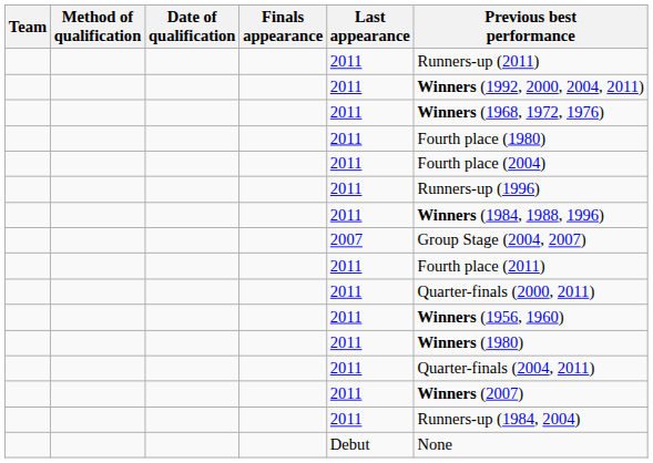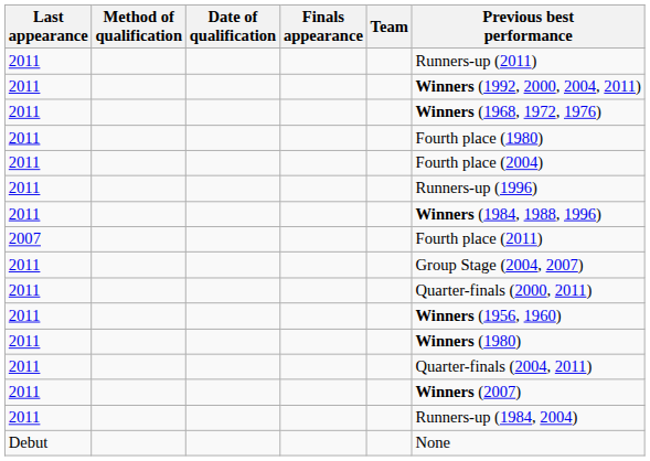 <table class="wikitable sortable" style="text-align: left;">
 <tr>
-<th>Team</th>
+<th>Last<br>appearance</th>
 <th>Method of<br>qualification</th>
 <th>Date of<br>qualification</th>
 <th>Finals<br>appearance</th>
-<th>Last<br>appearance</th>
+<th>Team</th>
 <th>Previous best<br>performance</th>
 </tr>
 <tr>
+<td><a href='#'>2011</a></td>
 <td></td>
 <td></td>
 <td></td>
 <td></td>
-<td><a href='#'>2011</a></td>
 <td>Runners-up (<a href='#'>2011</a>)</td>
 </tr>
 <tr>
+<td><a href='#'>2011</a></td>
 <td></td>
 <td></td>
 <td></td>
 <td></td>
-<td><a href='#'>2011</a></td>
 <td><strong>Winners</strong> (<a href='#'>1992</a>, <a href='#'>2000</a>, <a href='#'>2004</a>, <a href='#'>2011</a>)</td>
 </tr>
 <tr>
+<td><a href='#'>2011</a></td>
 <td></td>
 <td></td>
 <td></td>
 <td></td>
-<td><a href='#'>2011</a></td>
 <td><strong>Winners</strong> (<a href='#'>1968</a>, <a href='#'>1972</a>, <a href='#'>1976</a>)</td>
 </tr>
 <tr>
+<td><a href='#'>2011</a></td>
 <td></td>
 <td></td>
 <td></td>
 <td></td>
-<td><a href='#'>2011</a></td>
 <td>Fourth place (<a href='#'>1980</a>)</td>
 </tr>
 <tr>
+<td><a href='#'>2011</a></td>
 <td></td>
 <td></td>
 <td></td>
 <td></td>
-<td><a href='#'>2011</a></td>
 <td>Fourth place (<a href='#'>2004</a>)</td>
 </tr>
 <tr>
+<td><a href='#'>2011</a></td>
 <td></td>
 <td></td>
 <td></td>
 <td></td>
-<td><a href='#'>2011</a></td>
 <td>Runners-up (<a href='#'>1996</a>)</td>
 </tr>
 <tr>
+<td><a href='#'>2011</a></td>
 <td></td>
 <td></td>
 <td></td>
 <td></td>
-<td><a href='#'>2011</a></td>
 <td><strong>Winners</strong> (<a href='#'>1984</a>, <a href='#'>1988</a>, <a href='#'>1996</a>)</td>
 </tr>
 <tr>
+<td><a href='#'>2007</a></td>
 <td></td>
 <td></td>
 <td></td>
 <td></td>
-<td><a href='#'>2007</a></td>
-<td>Group Stage (<a href='#'>2004</a>, <a href='#'>2007</a>)</td>
+<td>Fourth place (<a href='#'>2011</a>)</td>
 </tr>
 <tr>
+<td><a href='#'>2011</a></td>
 <td></td>
 <td></td>
 <td></td>
 <td></td>
-<td><a href='#'>2011</a></td>
-<td>Fourth place (<a href='#'>2011</a>)</td>
+<td>Group Stage (<a href='#'>2004</a>, <a href='#'>2007</a>)</td>
 </tr>
 <tr>
+<td><a href='#'>2011</a></td>
 <td></td>
 <td></td>
 <td></td>
 <td></td>
-<td><a href='#'>2011</a></td>
 <td>Quarter-finals (<a href='#'>2000</a>, <a href='#'>2011</a>)</td>
 </tr>
 <tr>
+<td><a href='#'>2011</a></td>
 <td></td>
 <td></td>
 <td></td>
 <td></td>
-<td><a href='#'>2011</a></td>
 <td><strong>Winners</strong> (<a href='#'>1956</a>, <a href='#'>1960</a>)</td>
 </tr>
 <tr>
+<td><a href='#'>2011</a></td>
 <td></td>
 <td></td>
 <td></td>
 <td></td>
-<td><a href='#'>2011</a></td>
 <td><strong>Winners</strong> (<a href='#'>1980</a>)</td>
 </tr>
 <tr>
+<td><a href='#'>2011</a></td>
 <td></td>
 <td></td>
 <td></td>
 <td></td>
-<td><a href='#'>2011</a></td>
 <td>Quarter-finals (<a href='#'>2004</a>, <a href='#'>2011</a>)</td>
 </tr>
 <tr>
+<td><a href='#'>2011</a></td>
 <td></td>
 <td></td>
 <td></td>
 <td></td>
-<td><a href='#'>2011</a></td>
 <td><strong>Winners</strong> (<a href='#'>2007</a>)</td>
 </tr>
 <tr>
+<td><a href='#'>2011</a></td>
 <td></td>
 <td></td>
 <td></td>
 <td></td>
-<td><a href='#'>2011</a></td>
 <td>Runners-up (<a href='#'>1984</a>, <a href='#'>2004</a>)</td>
 </tr>
 <tr>
+<td>Debut</td>
 <td></td>
 <td></td>
 <td></td>
 <td></td>
-<td>Debut</td>
 <td>None</td>
 </tr>
 </table>
